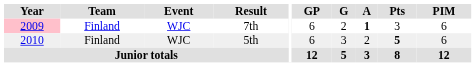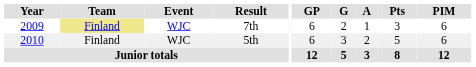 <table border="0" cellpadding="1" cellspacing="0" ID="Table3" style="text-align:center; width:40em">
 <tr ALIGN="center" bgcolor="#e0e0e0">
 <th>Year</th>
 <th>Team</th>
 <th>Event</th>
 <th>Result</th>
 <th rowspan="99" bgcolor="#ffffff"></th>
 <th>GP</th>
 <th>G</th>
 <th>A</th>
 <th>Pts</th>
 <th>PIM</th>
 </tr>
 <tr>
-<td style="background: pink;"><a href='#'>2009</a></td>
-<td><a href='#'>Finland</a></td>
+<td><a href='#'>2009</a></td>
+<td style="background: khaki;"><a href='#'>Finland</a></td>
 <td><a href='#'>WJC</a></td>
 <td>7th</td>
 <td>6</td>
 <td>2</td>
-<td><strong>1</strong></td>
+<td>1</td>
 <td>3</td>
 <td>6</td>
 </tr>
 <tr bgcolor="#f0f0f0">
 <td><a href='#'>2010</a></td>
 <td>Finland</td>
 <td>WJC</td>
 <td>5th</td>
 <td>6</td>
 <td>3</td>
 <td>2</td>
-<td><strong>5</strong></td>
+<td>5</td>
 <td>6</td>
 </tr>
 <tr bgcolor="#e0e0e0">
 <th colspan="4">Junior totals</th>
 <th>12</th>
 <th>5</th>
 <th>3</th>
 <th>8</th>
 <th>12</th>
 </tr>
 </table>
